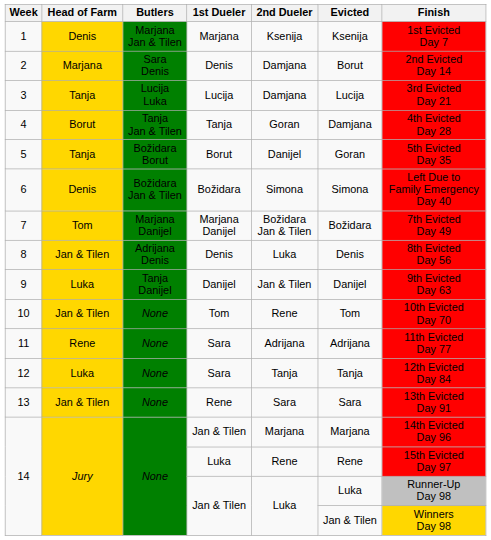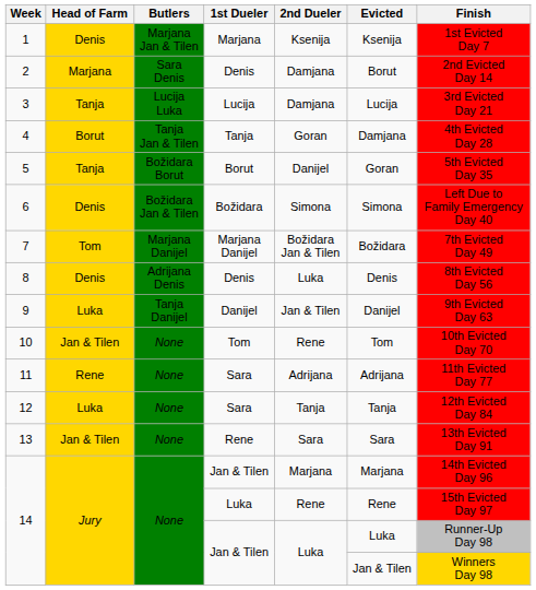 <table class="wikitable" style="font-size:100%; text-align:center; width: 80%; margin-left: auto; margin-right: auto;">
 <tr>
 <th>Week</th>
 <th>Head of Farm</th>
 <th>Butlers</th>
 <th>1st Dueler</th>
 <th>2nd Dueler</th>
 <th>Evicted</th>
 <th>Finish</th>
 </tr>
 <tr>
 <td>1</td>
 <td style="background:gold;">Denis</td>
 <td style="background:green;">Marjana<br>Jan & Tilen</td>
 <td>Marjana</td>
 <td>Ksenija</td>
 <td>Ksenija</td>
 <td style="background:#ff0000">1st Evicted<br>Day 7</td>
 </tr>
 <tr>
 <td>2</td>
 <td style="background:gold;">Marjana</td>
 <td style="background:green;">Sara<br>Denis</td>
 <td>Denis</td>
 <td>Damjana</td>
 <td>Borut</td>
 <td style="background:#ff0000">2nd Evicted<br>Day 14</td>
 </tr>
 <tr>
 <td>3</td>
 <td style="background:gold;">Tanja</td>
 <td style="background:green;">Lucija<br>Luka</td>
 <td>Lucija</td>
 <td>Damjana</td>
 <td>Lucija</td>
 <td style="background:#ff0000">3rd Evicted<br>Day 21</td>
 </tr>
 <tr>
 <td>4</td>
 <td style="background:gold;">Borut</td>
 <td style="background:green;">Tanja<br>Jan & Tilen</td>
 <td>Tanja</td>
 <td>Goran</td>
 <td>Damjana</td>
 <td style="background:#ff0000">4th Evicted<br>Day 28</td>
 </tr>
 <tr>
 <td>5</td>
 <td style="background:gold;">Tanja</td>
 <td style="background:green;">Božidara<br>Borut</td>
 <td>Borut</td>
 <td>Danijel</td>
 <td>Goran</td>
 <td style="background:#ff0000">5th Evicted<br>Day 35</td>
 </tr>
 <tr>
 <td>6</td>
 <td style="background:gold;">Denis</td>
 <td style="background:green;">Božidara<br>Jan & Tilen</td>
 <td>Božidara</td>
 <td>Simona</td>
 <td>Simona</td>
 <td style="background:#ff0000">Left Due to<br> Family Emergency<br>Day 40</td>
 </tr>
 <tr>
 <td>7</td>
 <td style="background:gold;">Tom</td>
 <td style="background:green;">Marjana<br>Danijel</td>
 <td>Marjana<br>Danijel</td>
 <td>Božidara<br>Jan & Tilen</td>
 <td>Božidara</td>
 <td style="background:#ff0000">7th Evicted<br>Day 49</td>
 </tr>
 <tr>
 <td>8</td>
-<td style="background:gold;">Jan & Tilen</td>
+<td style="background:gold;">Denis</td>
 <td style="background:green;">Adrijana<br>Denis</td>
 <td>Denis</td>
 <td>Luka</td>
 <td>Denis</td>
 <td style="background:#ff0000">8th Evicted<br>Day 56</td>
 </tr>
 <tr>
 <td>9</td>
 <td style="background:gold;">Luka</td>
 <td style="background:green;">Tanja<br>Danijel</td>
 <td>Danijel</td>
 <td>Jan & Tilen</td>
 <td>Danijel</td>
 <td style="background:#ff0000">9th Evicted<br>Day 63</td>
 </tr>
 <tr>
 <td>10</td>
 <td style="background:gold;">Jan & Tilen</td>
 <td style="background:green;"><em>None</em></td>
 <td>Tom</td>
 <td>Rene</td>
 <td>Tom</td>
 <td style="background:#ff0000">10th Evicted<br>Day 70</td>
 </tr>
 <tr>
 <td>11</td>
 <td style=background:gold;>Rene</td>
 <td style="background:green;"><em>None</em></td>
 <td>Sara</td>
 <td>Adrijana</td>
 <td>Adrijana</td>
 <td style="background:#ff0000">11th Evicted<br>Day 77</td>
 </tr>
 <tr>
 <td>12</td>
 <td style=background:gold;>Luka</td>
 <td style="background:green;"><em>None</em></td>
 <td>Sara</td>
 <td>Tanja</td>
 <td>Tanja</td>
 <td style="background:#ff0000">12th Evicted<br>Day 84</td>
 </tr>
 <tr>
 <td>13</td>
 <td style=background:gold;>Jan & Tilen</td>
 <td style="background:green;"><em>None</em></td>
 <td>Rene</td>
 <td>Sara</td>
 <td>Sara</td>
 <td style="background:#ff0000">13th Evicted<br>Day 91</td>
 </tr>
 <tr>
 <td rowspan="4">14</td>
 <td rowspan="4" style=background:gold;><em>Jury</em></td>
 <td rowspan="4" style="background:green;"><em>None</em></td>
 <td rowspan="1">Jan & Tilen</td>
 <td rowspan="1">Marjana</td>
 <td>Marjana</td>
 <td rowspan="1" style="background:#ff0000">14th Evicted<br>Day 96</td>
 </tr>
 <tr>
 <td rowspan="1">Luka</td>
 <td rowspan="1">Rene</td>
 <td rowspan="1">Rene</td>
 <td rowspan="1" style="background:#ff0000;">15th Evicted<br>Day 97</td>
 </tr>
 <tr>
 <td rowspan="2">Jan & Tilen</td>
 <td rowspan="2">Luka</td>
 <td rowspan="1">Luka</td>
 <td rowspan="1" style="background:silver;">Runner-Up<br>Day 98</td>
 </tr>
 <tr>
 <td rowspan="1">Jan & Tilen</td>
 <td rowspan="1" style="background:gold;">Winners<br>Day 98</td>
 </tr>
 </table>
